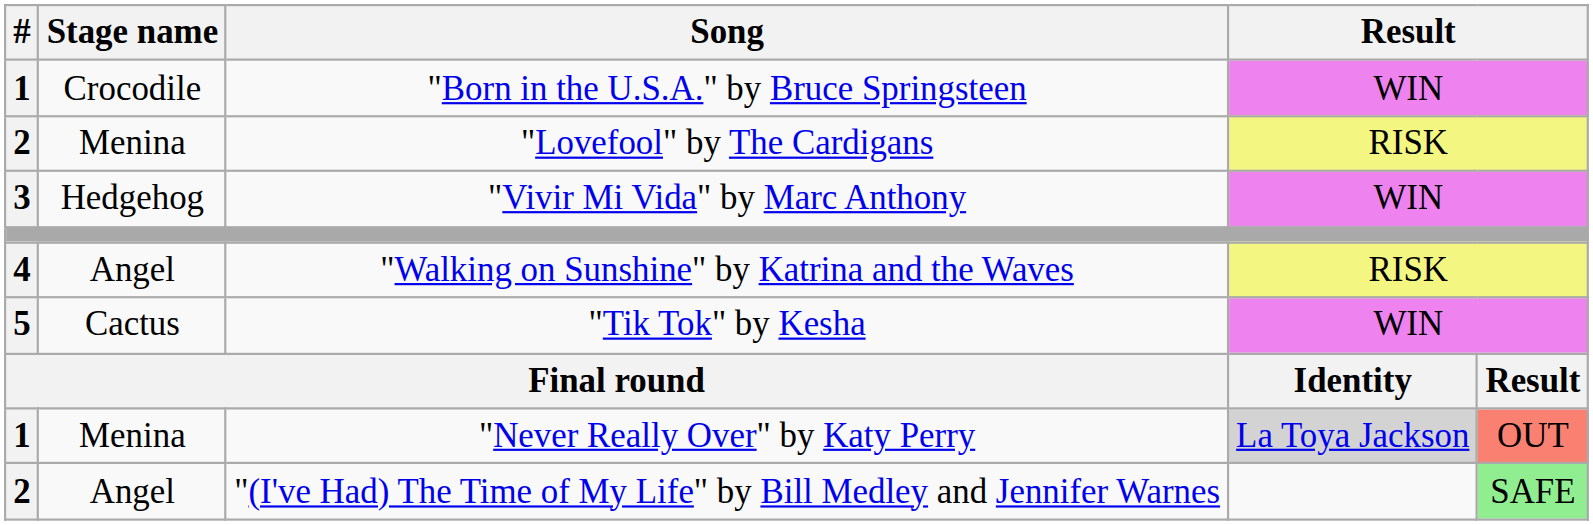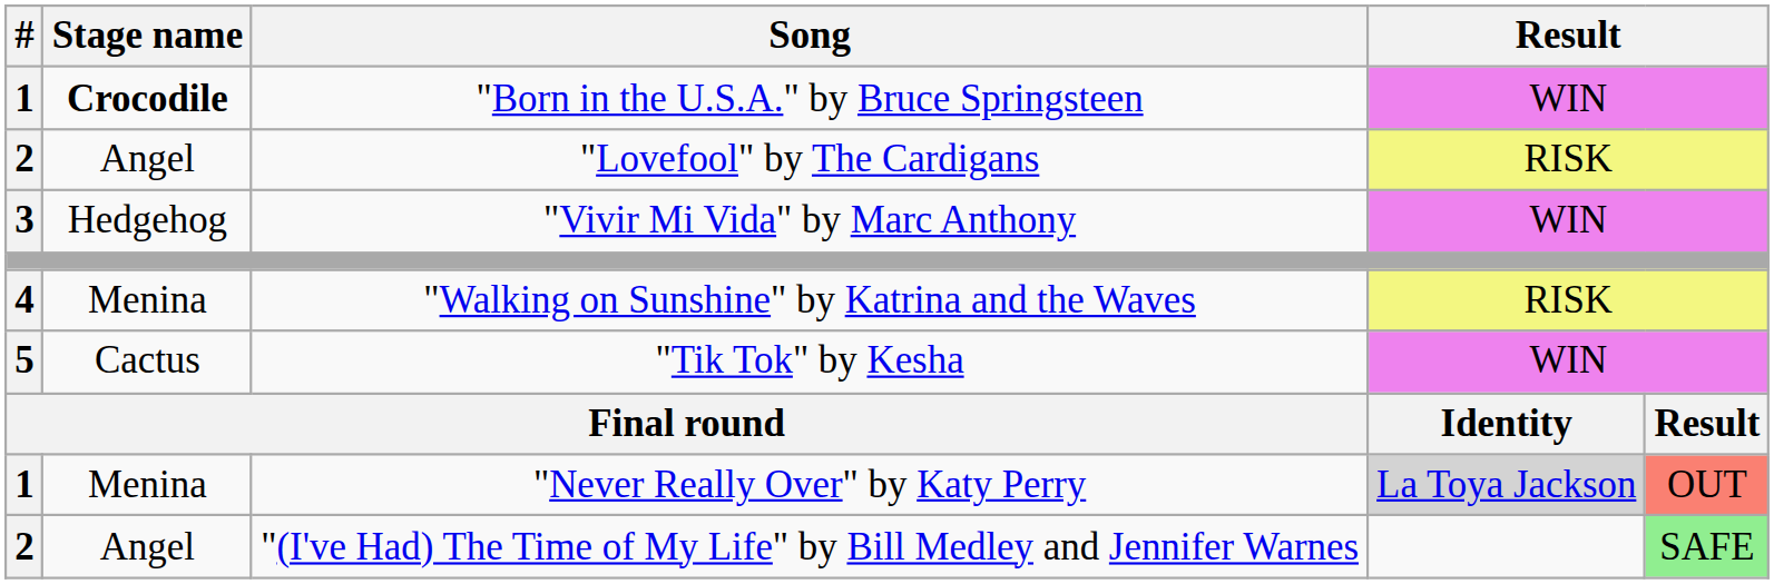 <table class="wikitable plainrowheaders" style="text-align:center">
 <tr>
 <th>#</th>
 <th>Stage name</th>
 <th>Song</th>
 <th colspan="2">Result</th>
 </tr>
 <tr>
 <th>1</th>
-<td>Crocodile</td>
+<td><strong>Crocodile</strong></td>
 <td>"<a href='#'>Born in the U.S.A.</a>" by <a href='#'>Bruce Springsteen</a></td>
 <td colspan="2" bgcolor="violet">WIN</td>
 </tr>
 <tr>
 <th>2</th>
-<td>Menina</td>
+<td>Angel</td>
 <td>"<a href='#'>Lovefool</a>" by <a href='#'>The Cardigans</a></td>
 <td colspan="2" bgcolor="#F3F781">RISK</td>
 </tr>
 <tr>
 <th>3</th>
 <td>Hedgehog</td>
 <td>"<a href='#'>Vivir Mi Vida</a>" by <a href='#'>Marc Anthony</a></td>
 <td colspan="2" bgcolor="violet">WIN</td>
 </tr>
 <tr>
 <td colspan="5" style="background:darkgray"></td>
 </tr>
 <tr>
 <th>4</th>
-<td>Angel</td>
+<td>Menina</td>
 <td>"<a href='#'>Walking on Sunshine</a>" by <a href='#'>Katrina and the Waves</a></td>
 <td colspan="2" bgcolor="#F3F781">RISK</td>
 </tr>
 <tr>
 <th>5</th>
 <td>Cactus</td>
 <td>"<a href='#'>Tik Tok</a>" by <a href='#'>Kesha</a></td>
 <td colspan="2" bgcolor="violet">WIN</td>
 </tr>
 <tr>
 <th colspan="3">Final round</th>
 <th>Identity</th>
 <th>Result</th>
 </tr>
 <tr>
 <th>1</th>
 <td>Menina</td>
 <td>"<a href='#'>Never Really Over</a>" by <a href='#'>Katy Perry</a></td>
 <td style="background: lightgrey;"><a href='#'>La Toya Jackson</a></td>
 <td bgcolor="salmon">OUT</td>
 </tr>
 <tr>
 <th>2</th>
 <td>Angel</td>
 <td>"<a href='#'>(I've Had) The Time of My Life</a>" by <a href='#'>Bill Medley</a> and <a href='#'>Jennifer Warnes</a></td>
 <td></td>
 <td bgcolor="lightgreen">SAFE</td>
 </tr>
 </table>
